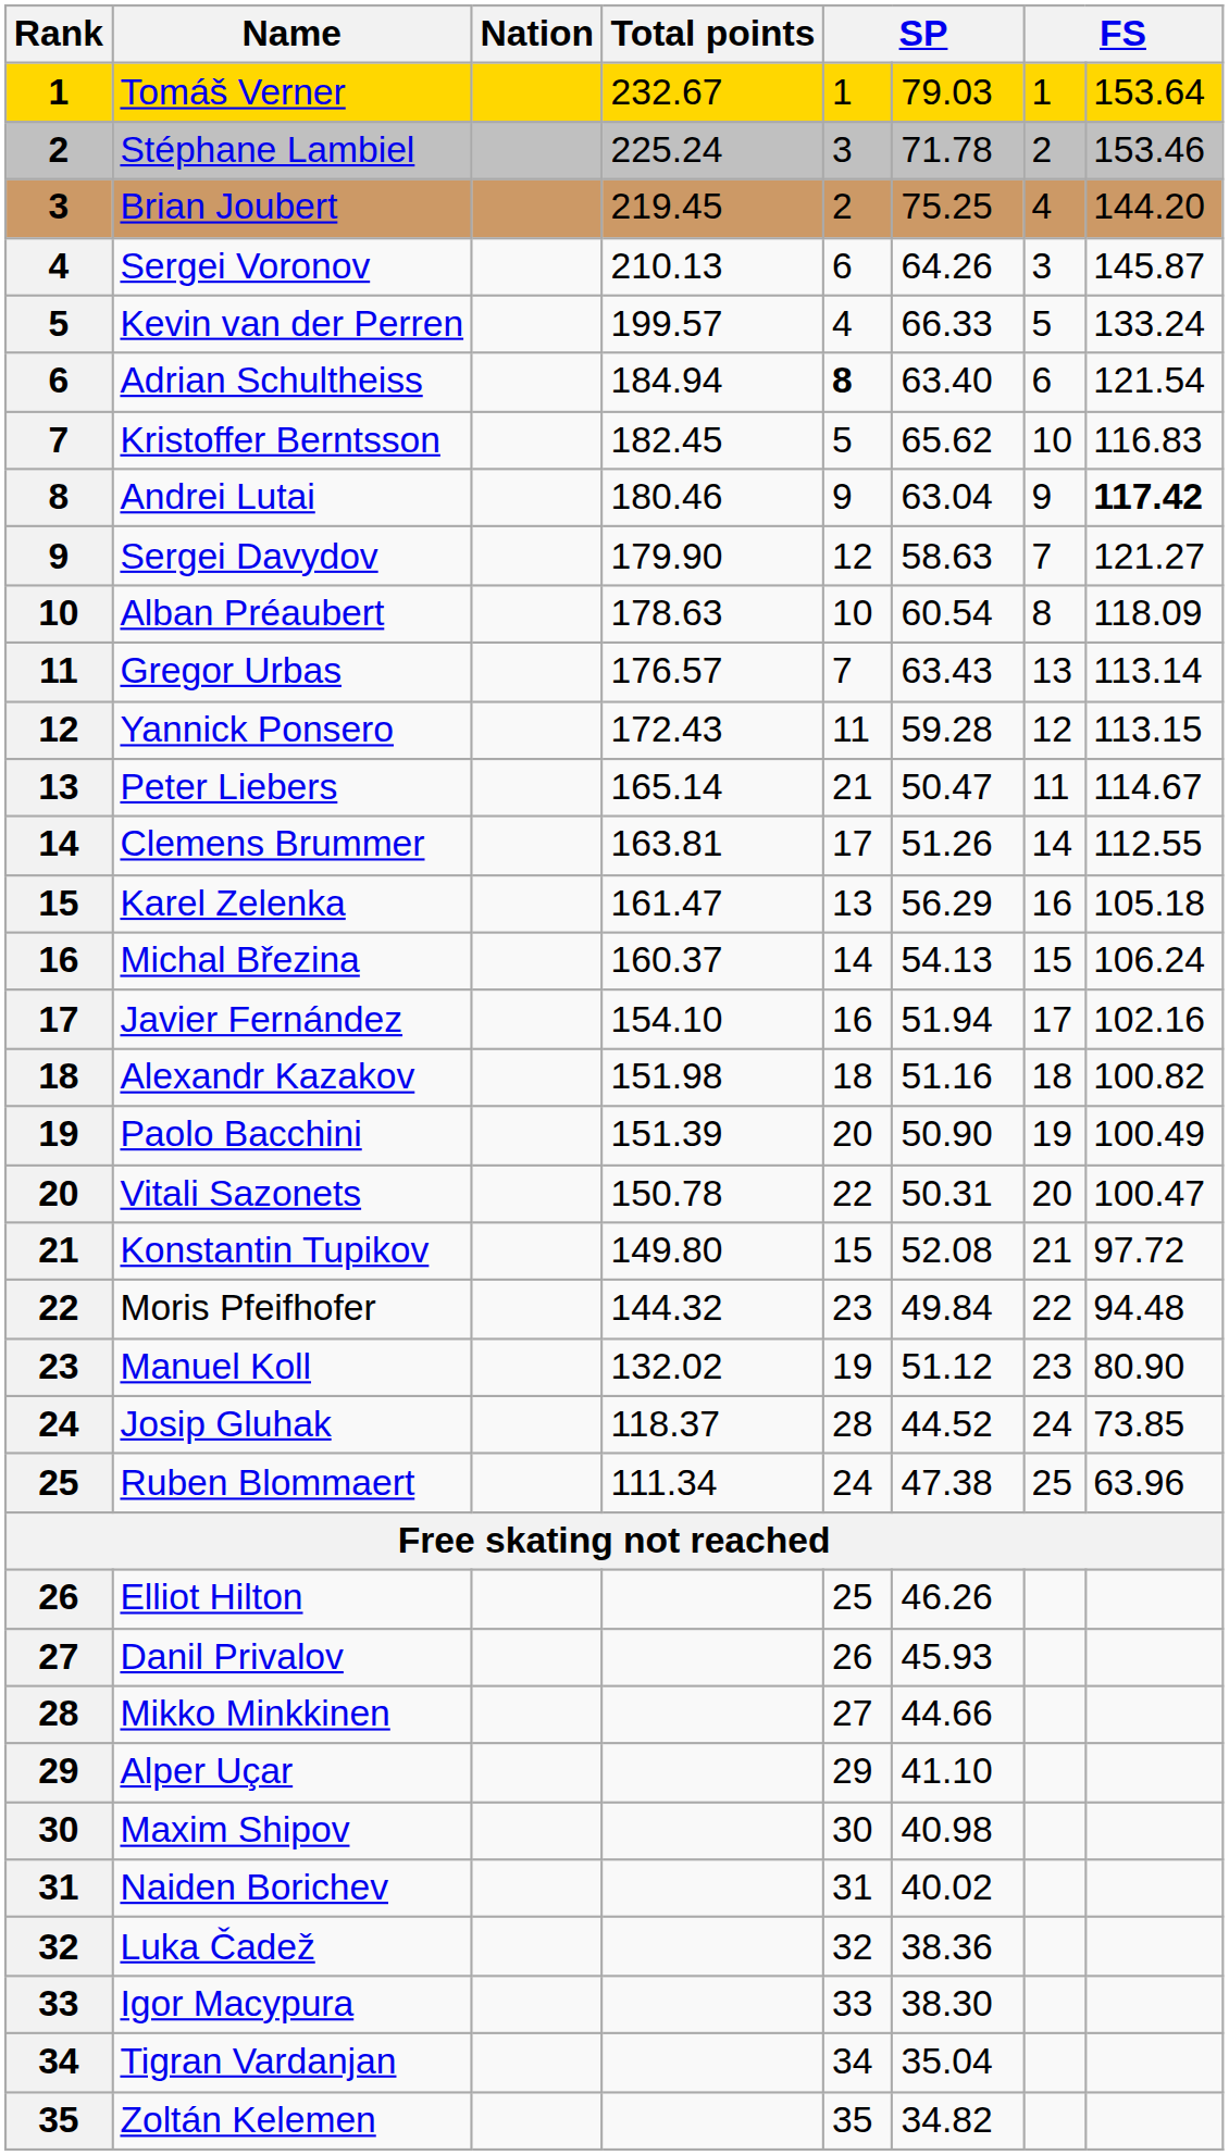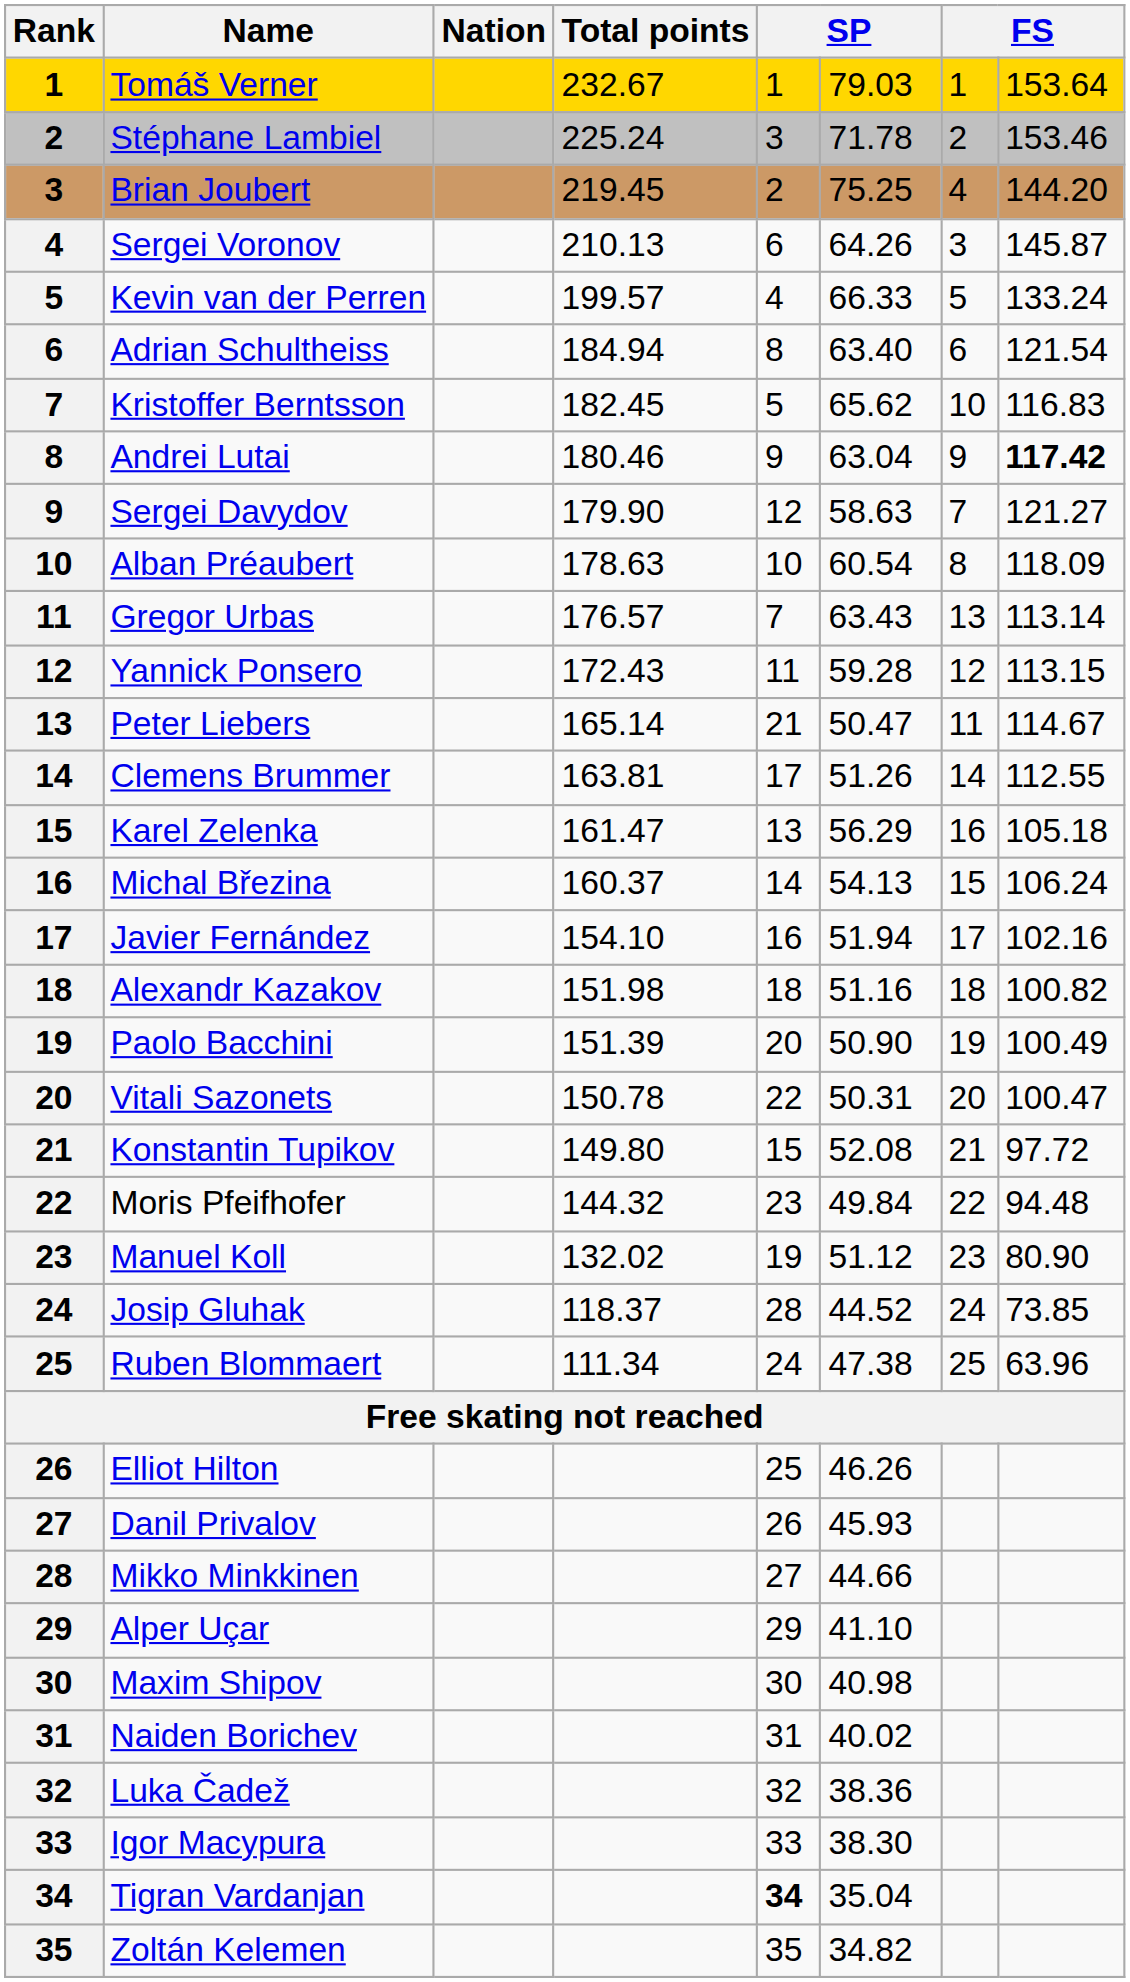 <table class="wikitable">
 <tr>
 <th>Rank</th>
 <th>Name</th>
 <th>Nation</th>
 <th>Total points</th>
 <th colspan="2" width="80px"><a href='#'>SP</a></th>
 <th colspan="2" width="80px"><a href='#'>FS</a></th>
 </tr>
 <tr bgcolor="gold">
 <td align="center"><strong>1</strong></td>
 <td><a href='#'>Tomáš Verner</a></td>
 <td></td>
 <td>232.67</td>
 <td>1</td>
 <td>79.03</td>
 <td>1</td>
 <td>153.64</td>
 </tr>
 <tr bgcolor="silver">
 <td align="center"><strong>2</strong></td>
 <td><a href='#'>Stéphane Lambiel</a></td>
 <td></td>
 <td>225.24</td>
 <td>3</td>
 <td>71.78</td>
 <td>2</td>
 <td>153.46</td>
 </tr>
 <tr bgcolor="cc9966">
 <td align="center"><strong>3</strong></td>
 <td><a href='#'>Brian Joubert</a></td>
 <td></td>
 <td>219.45</td>
 <td>2</td>
 <td>75.25</td>
 <td>4</td>
 <td>144.20</td>
 </tr>
 <tr>
 <th>4</th>
 <td><a href='#'>Sergei Voronov</a></td>
 <td></td>
 <td>210.13</td>
 <td>6</td>
 <td>64.26</td>
 <td>3</td>
 <td>145.87</td>
 </tr>
 <tr>
 <th>5</th>
 <td><a href='#'>Kevin van der Perren</a></td>
 <td></td>
 <td>199.57</td>
 <td>4</td>
 <td>66.33</td>
 <td>5</td>
 <td>133.24</td>
 </tr>
 <tr>
 <th>6</th>
 <td><a href='#'>Adrian Schultheiss</a></td>
 <td></td>
 <td>184.94</td>
-<td><strong>8</strong></td>
+<td>8</td>
 <td>63.40</td>
 <td>6</td>
 <td>121.54</td>
 </tr>
 <tr>
 <th>7</th>
 <td><a href='#'>Kristoffer Berntsson</a></td>
 <td></td>
 <td>182.45</td>
 <td>5</td>
 <td>65.62</td>
 <td>10</td>
 <td>116.83</td>
 </tr>
 <tr>
 <th>8</th>
 <td><a href='#'>Andrei Lutai</a></td>
 <td></td>
 <td>180.46</td>
 <td>9</td>
 <td>63.04</td>
 <td>9</td>
 <td><strong>117.42</strong></td>
 </tr>
 <tr>
 <th>9</th>
 <td><a href='#'>Sergei Davydov</a></td>
 <td></td>
 <td>179.90</td>
 <td>12</td>
 <td>58.63</td>
 <td>7</td>
 <td>121.27</td>
 </tr>
 <tr>
 <th>10</th>
 <td><a href='#'>Alban Préaubert</a></td>
 <td></td>
 <td>178.63</td>
 <td>10</td>
 <td>60.54</td>
 <td>8</td>
 <td>118.09</td>
 </tr>
 <tr>
 <th>11</th>
 <td><a href='#'>Gregor Urbas</a></td>
 <td></td>
 <td>176.57</td>
 <td>7</td>
 <td>63.43</td>
 <td>13</td>
 <td>113.14</td>
 </tr>
 <tr>
 <th>12</th>
 <td><a href='#'>Yannick Ponsero</a></td>
 <td></td>
 <td>172.43</td>
 <td>11</td>
 <td>59.28</td>
 <td>12</td>
 <td>113.15</td>
 </tr>
 <tr>
 <th>13</th>
 <td><a href='#'>Peter Liebers</a></td>
 <td></td>
 <td>165.14</td>
 <td>21</td>
 <td>50.47</td>
 <td>11</td>
 <td>114.67</td>
 </tr>
 <tr>
 <th>14</th>
 <td><a href='#'>Clemens Brummer</a></td>
 <td></td>
 <td>163.81</td>
 <td>17</td>
 <td>51.26</td>
 <td>14</td>
 <td>112.55</td>
 </tr>
 <tr>
 <th>15</th>
 <td><a href='#'>Karel Zelenka</a></td>
 <td></td>
 <td>161.47</td>
 <td>13</td>
 <td>56.29</td>
 <td>16</td>
 <td>105.18</td>
 </tr>
 <tr>
 <th>16</th>
 <td><a href='#'>Michal Březina</a></td>
 <td></td>
 <td>160.37</td>
 <td>14</td>
 <td>54.13</td>
 <td>15</td>
 <td>106.24</td>
 </tr>
 <tr>
 <th>17</th>
 <td><a href='#'>Javier Fernández</a></td>
 <td></td>
 <td>154.10</td>
 <td>16</td>
 <td>51.94</td>
 <td>17</td>
 <td>102.16</td>
 </tr>
 <tr>
 <th>18</th>
 <td><a href='#'>Alexandr Kazakov</a></td>
 <td></td>
 <td>151.98</td>
 <td>18</td>
 <td>51.16</td>
 <td>18</td>
 <td>100.82</td>
 </tr>
 <tr>
 <th>19</th>
 <td><a href='#'>Paolo Bacchini</a></td>
 <td></td>
 <td>151.39</td>
 <td>20</td>
 <td>50.90</td>
 <td>19</td>
 <td>100.49</td>
 </tr>
 <tr>
 <th>20</th>
 <td><a href='#'>Vitali Sazonets</a></td>
 <td></td>
 <td>150.78</td>
 <td>22</td>
 <td>50.31</td>
 <td>20</td>
 <td>100.47</td>
 </tr>
 <tr>
 <th>21</th>
 <td><a href='#'>Konstantin Tupikov</a></td>
 <td></td>
 <td>149.80</td>
 <td>15</td>
 <td>52.08</td>
 <td>21</td>
 <td>97.72</td>
 </tr>
 <tr>
 <th>22</th>
 <td>Moris Pfeifhofer</td>
 <td></td>
 <td>144.32</td>
 <td>23</td>
 <td>49.84</td>
 <td>22</td>
 <td>94.48</td>
 </tr>
 <tr>
 <th>23</th>
 <td><a href='#'>Manuel Koll</a></td>
 <td></td>
 <td>132.02</td>
 <td>19</td>
 <td>51.12</td>
 <td>23</td>
 <td>80.90</td>
 </tr>
 <tr>
 <th>24</th>
 <td><a href='#'>Josip Gluhak</a></td>
 <td></td>
 <td>118.37</td>
 <td>28</td>
 <td>44.52</td>
 <td>24</td>
 <td>73.85</td>
 </tr>
 <tr>
 <th>25</th>
 <td><a href='#'>Ruben Blommaert</a></td>
 <td></td>
 <td>111.34</td>
 <td>24</td>
 <td>47.38</td>
 <td>25</td>
 <td>63.96</td>
 </tr>
 <tr>
 <th colspan=8>Free skating not reached</th>
 </tr>
 <tr>
 <th>26</th>
 <td><a href='#'>Elliot Hilton</a></td>
 <td></td>
 <td></td>
 <td>25</td>
 <td>46.26</td>
 <td></td>
 <td></td>
 </tr>
 <tr>
 <th>27</th>
 <td><a href='#'>Danil Privalov</a></td>
 <td></td>
 <td></td>
 <td>26</td>
 <td>45.93</td>
 <td></td>
 <td></td>
 </tr>
 <tr>
 <th>28</th>
 <td><a href='#'>Mikko Minkkinen</a></td>
 <td></td>
 <td></td>
 <td>27</td>
 <td>44.66</td>
 <td></td>
 <td></td>
 </tr>
 <tr>
 <th>29</th>
 <td><a href='#'>Alper Uçar</a></td>
 <td></td>
 <td></td>
 <td>29</td>
 <td>41.10</td>
 <td></td>
 <td></td>
 </tr>
 <tr>
 <th>30</th>
 <td><a href='#'>Maxim Shipov</a></td>
 <td></td>
 <td></td>
 <td>30</td>
 <td>40.98</td>
 <td></td>
 <td></td>
 </tr>
 <tr>
 <th>31</th>
 <td><a href='#'>Naiden Borichev</a></td>
 <td></td>
 <td></td>
 <td>31</td>
 <td>40.02</td>
 <td></td>
 <td></td>
 </tr>
 <tr>
 <th>32</th>
 <td><a href='#'>Luka Čadež</a></td>
 <td></td>
 <td></td>
 <td>32</td>
 <td>38.36</td>
 <td></td>
 <td></td>
 </tr>
 <tr>
 <th>33</th>
 <td><a href='#'>Igor Macypura</a></td>
 <td></td>
 <td></td>
 <td>33</td>
 <td>38.30</td>
 <td></td>
 <td></td>
 </tr>
 <tr>
 <th>34</th>
 <td><a href='#'>Tigran Vardanjan</a></td>
 <td></td>
 <td></td>
-<td>34</td>
+<td><strong>34</strong></td>
 <td>35.04</td>
 <td></td>
 <td></td>
 </tr>
 <tr>
 <th>35</th>
 <td><a href='#'>Zoltán Kelemen</a></td>
 <td></td>
 <td></td>
 <td>35</td>
 <td>34.82</td>
 <td></td>
 <td></td>
 </tr>
 </table>
